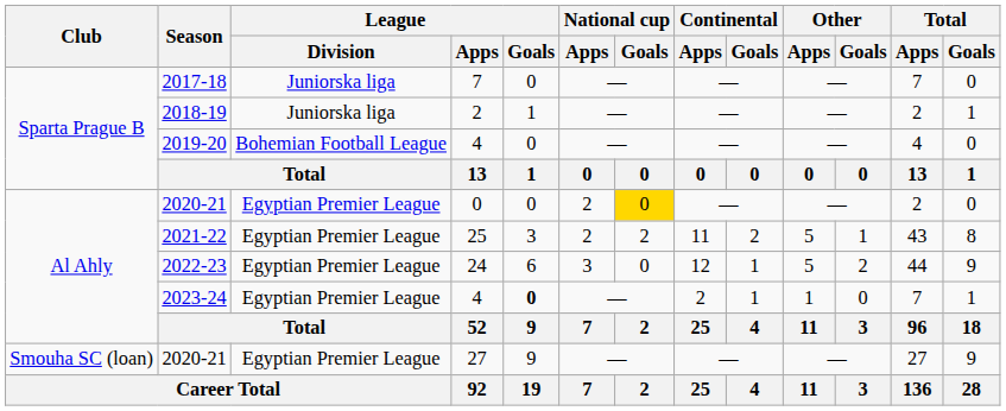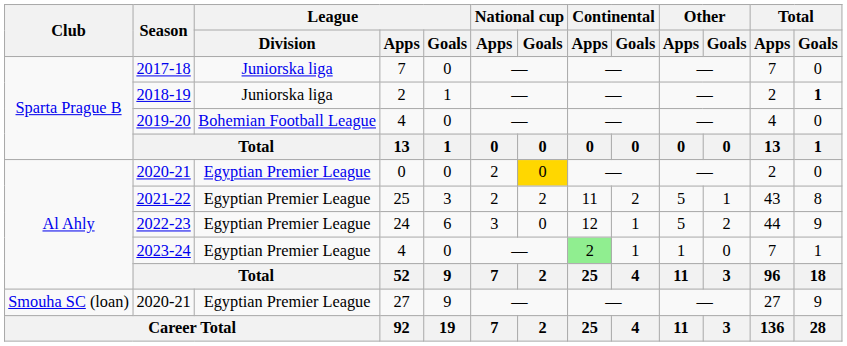 <table class="wikitable" style="text-align:center">
 <tr>
 <th rowspan="2">Club</th>
 <th rowspan="2">Season</th>
 <th colspan="3">League</th>
 <th colspan="2">National cup</th>
 <th colspan="2">Continental</th>
 <th colspan="2">Other</th>
 <th colspan="2">Total</th>
 </tr>
 <tr>
 <th>Division</th>
 <th>Apps</th>
 <th>Goals</th>
 <th>Apps</th>
 <th>Goals</th>
 <th>Apps</th>
 <th>Goals</th>
 <th>Apps</th>
 <th>Goals</th>
 <th>Apps</th>
 <th>Goals</th>
 </tr>
 <tr>
 <td rowspan="4"><a href='#'>Sparta Prague B</a></td>
 <td><a href='#'>2017-18</a></td>
 <td><a href='#'>Juniorska liga</a></td>
 <td>7</td>
 <td>0</td>
 <td colspan="2">—</td>
 <td colspan="2">—</td>
 <td colspan="2">—</td>
 <td>7</td>
 <td>0</td>
 </tr>
 <tr>
 <td><a href='#'>2018-19</a></td>
 <td>Juniorska liga</td>
 <td>2</td>
 <td>1</td>
 <td colspan="2">—</td>
 <td colspan="2">—</td>
 <td colspan="2">—</td>
 <td>2</td>
-<td>1</td>
+<td><strong>1</strong></td>
 </tr>
 <tr>
 <td><a href='#'>2019-20</a></td>
 <td><a href='#'>Bohemian Football League</a></td>
 <td>4</td>
 <td>0</td>
 <td colspan="2">—</td>
 <td colspan="2">—</td>
 <td colspan="2">—</td>
 <td>4</td>
 <td>0</td>
 </tr>
 <tr>
 <th colspan="2">Total</th>
 <th>13</th>
 <th>1</th>
 <th>0</th>
 <th>0</th>
 <th>0</th>
 <th>0</th>
 <th>0</th>
 <th>0</th>
 <th>13</th>
 <th>1</th>
 </tr>
 <tr>
 <td rowspan="5"><a href='#'>Al Ahly</a></td>
 <td><a href='#'>2020-21</a></td>
 <td><a href='#'>Egyptian Premier League</a></td>
 <td>0</td>
 <td>0</td>
 <td>2</td>
 <td style="background: gold;">0</td>
 <td colspan="2">—</td>
 <td colspan="2">—</td>
 <td>2</td>
 <td>0</td>
 </tr>
 <tr>
 <td><a href='#'>2021-22</a></td>
 <td>Egyptian Premier League</td>
 <td>25</td>
 <td>3</td>
 <td>2</td>
 <td>2</td>
 <td>11</td>
 <td>2</td>
 <td>5</td>
 <td>1</td>
 <td>43</td>
 <td>8</td>
 </tr>
 <tr>
 <td><a href='#'>2022-23</a></td>
 <td>Egyptian Premier League</td>
 <td>24</td>
 <td>6</td>
 <td>3</td>
 <td>0</td>
 <td>12</td>
 <td>1</td>
 <td>5</td>
 <td>2</td>
 <td>44</td>
 <td>9</td>
 </tr>
 <tr>
 <td><a href='#'>2023-24</a></td>
 <td>Egyptian Premier League</td>
 <td>4</td>
-<td><strong>0</strong></td>
+<td>0</td>
 <td colspan="2">—</td>
-<td>2</td>
+<td style="background: lightgreen;">2</td>
 <td>1</td>
 <td>1</td>
 <td>0</td>
 <td>7</td>
 <td>1</td>
 </tr>
 <tr>
 <th colspan="2">Total</th>
 <th>52</th>
 <th>9</th>
 <th>7</th>
 <th>2</th>
 <th>25</th>
 <th>4</th>
 <th>11</th>
 <th>3</th>
 <th>96</th>
 <th>18</th>
 </tr>
 <tr>
 <td><a href='#'>Smouha SC</a> (loan)</td>
 <td>2020-21</td>
 <td>Egyptian Premier League</td>
 <td>27</td>
 <td>9</td>
 <td colspan="2">—</td>
 <td colspan="2">—</td>
 <td colspan="2">—</td>
 <td>27</td>
 <td>9</td>
 </tr>
 <tr>
 <th colspan="3">Career Total</th>
 <th>92</th>
 <th>19</th>
 <th>7</th>
 <th>2</th>
 <th>25</th>
 <th>4</th>
 <th>11</th>
 <th>3</th>
 <th>136</th>
 <th>28</th>
 </tr>
 </table>
